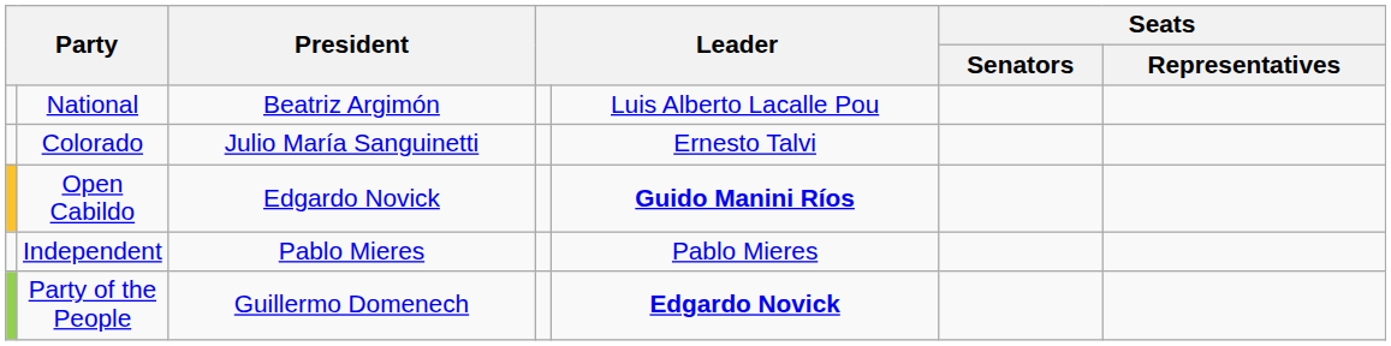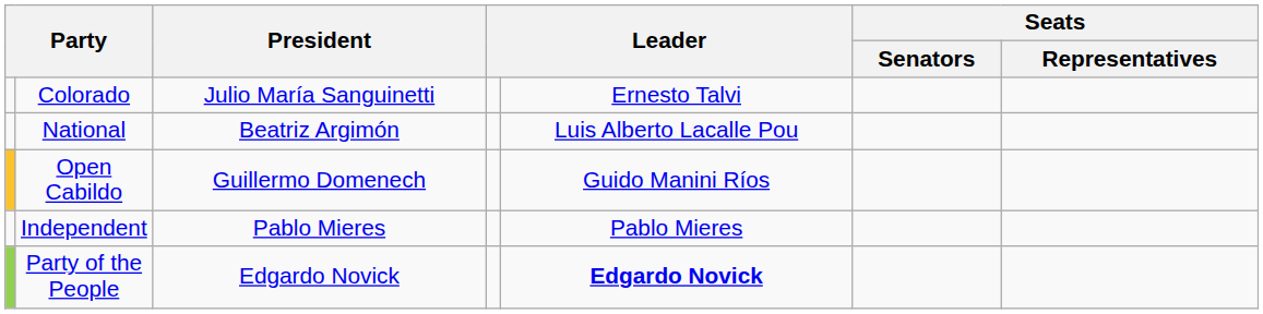 <table class="wikitable" width="100%" style="text-align: center;">
 <tr>
 <th colspan="2" rowspan="2" width="5%">Party</th>
 <th rowspan="2">President</th>
 <th colspan="2" rowspan="2">Leader</th>
 <th colspan="2">Seats</th>
 </tr>
 <tr>
 <th>Senators</th>
 <th>Representatives</th>
 </tr>
 <tr>
 <td style="background-color:"></td>
+<td><a href='#'>Colorado</a></td>
+<td><a href='#'>Julio María Sanguinetti</a></td>
+<td></td>
+<td><a href='#'>Ernesto Talvi</a></td>
+<td></td>
+<td align="left"></td>
+</tr>
+<tr>
+<td style="background-color:"></td>
 <td><a href='#'>National</a></td>
 <td><a href='#'>Beatriz Argimón</a></td>
 <td></td>
 <td><a href='#'>Luis Alberto Lacalle Pou</a></td>
 <td></td>
 <td align="left"></td>
 </tr>
 <tr>
-<td style="background-color:"></td>
-<td><a href='#'>Colorado</a></td>
-<td><a href='#'>Julio María Sanguinetti</a></td>
-<td></td>
-<td><a href='#'>Ernesto Talvi</a></td>
-<td></td>
-<td align="left"></td>
-</tr>
-<tr>
 <td bgcolor="#FBC22B"></td>
 <td><a href='#'>Open Cabildo</a></td>
-<td><a href='#'>Edgardo Novick</a></td>
+<td><a href='#'>Guillermo Domenech</a></td>
 <td></td>
-<td><strong><a href='#'>Guido Manini Ríos</a></strong></td>
+<td><a href='#'>Guido Manini Ríos</a></td>
 <td></td>
 <td align="left"></td>
 </tr>
 <tr>
 <td style="background-color:"></td>
 <td><a href='#'>Independent</a></td>
 <td><a href='#'>Pablo Mieres</a></td>
 <td></td>
 <td><a href='#'>Pablo Mieres</a></td>
 <td></td>
 <td align="left"></td>
 </tr>
 <tr>
 <td bgcolor="#92D050"></td>
 <td><a href='#'>Party of the People</a></td>
-<td><a href='#'>Guillermo Domenech</a></td>
+<td><a href='#'>Edgardo Novick</a></td>
 <td></td>
 <td><strong><a href='#'>Edgardo Novick</a></strong></td>
 <td></td>
 <td align="left"></td>
 </tr>
 </table>
